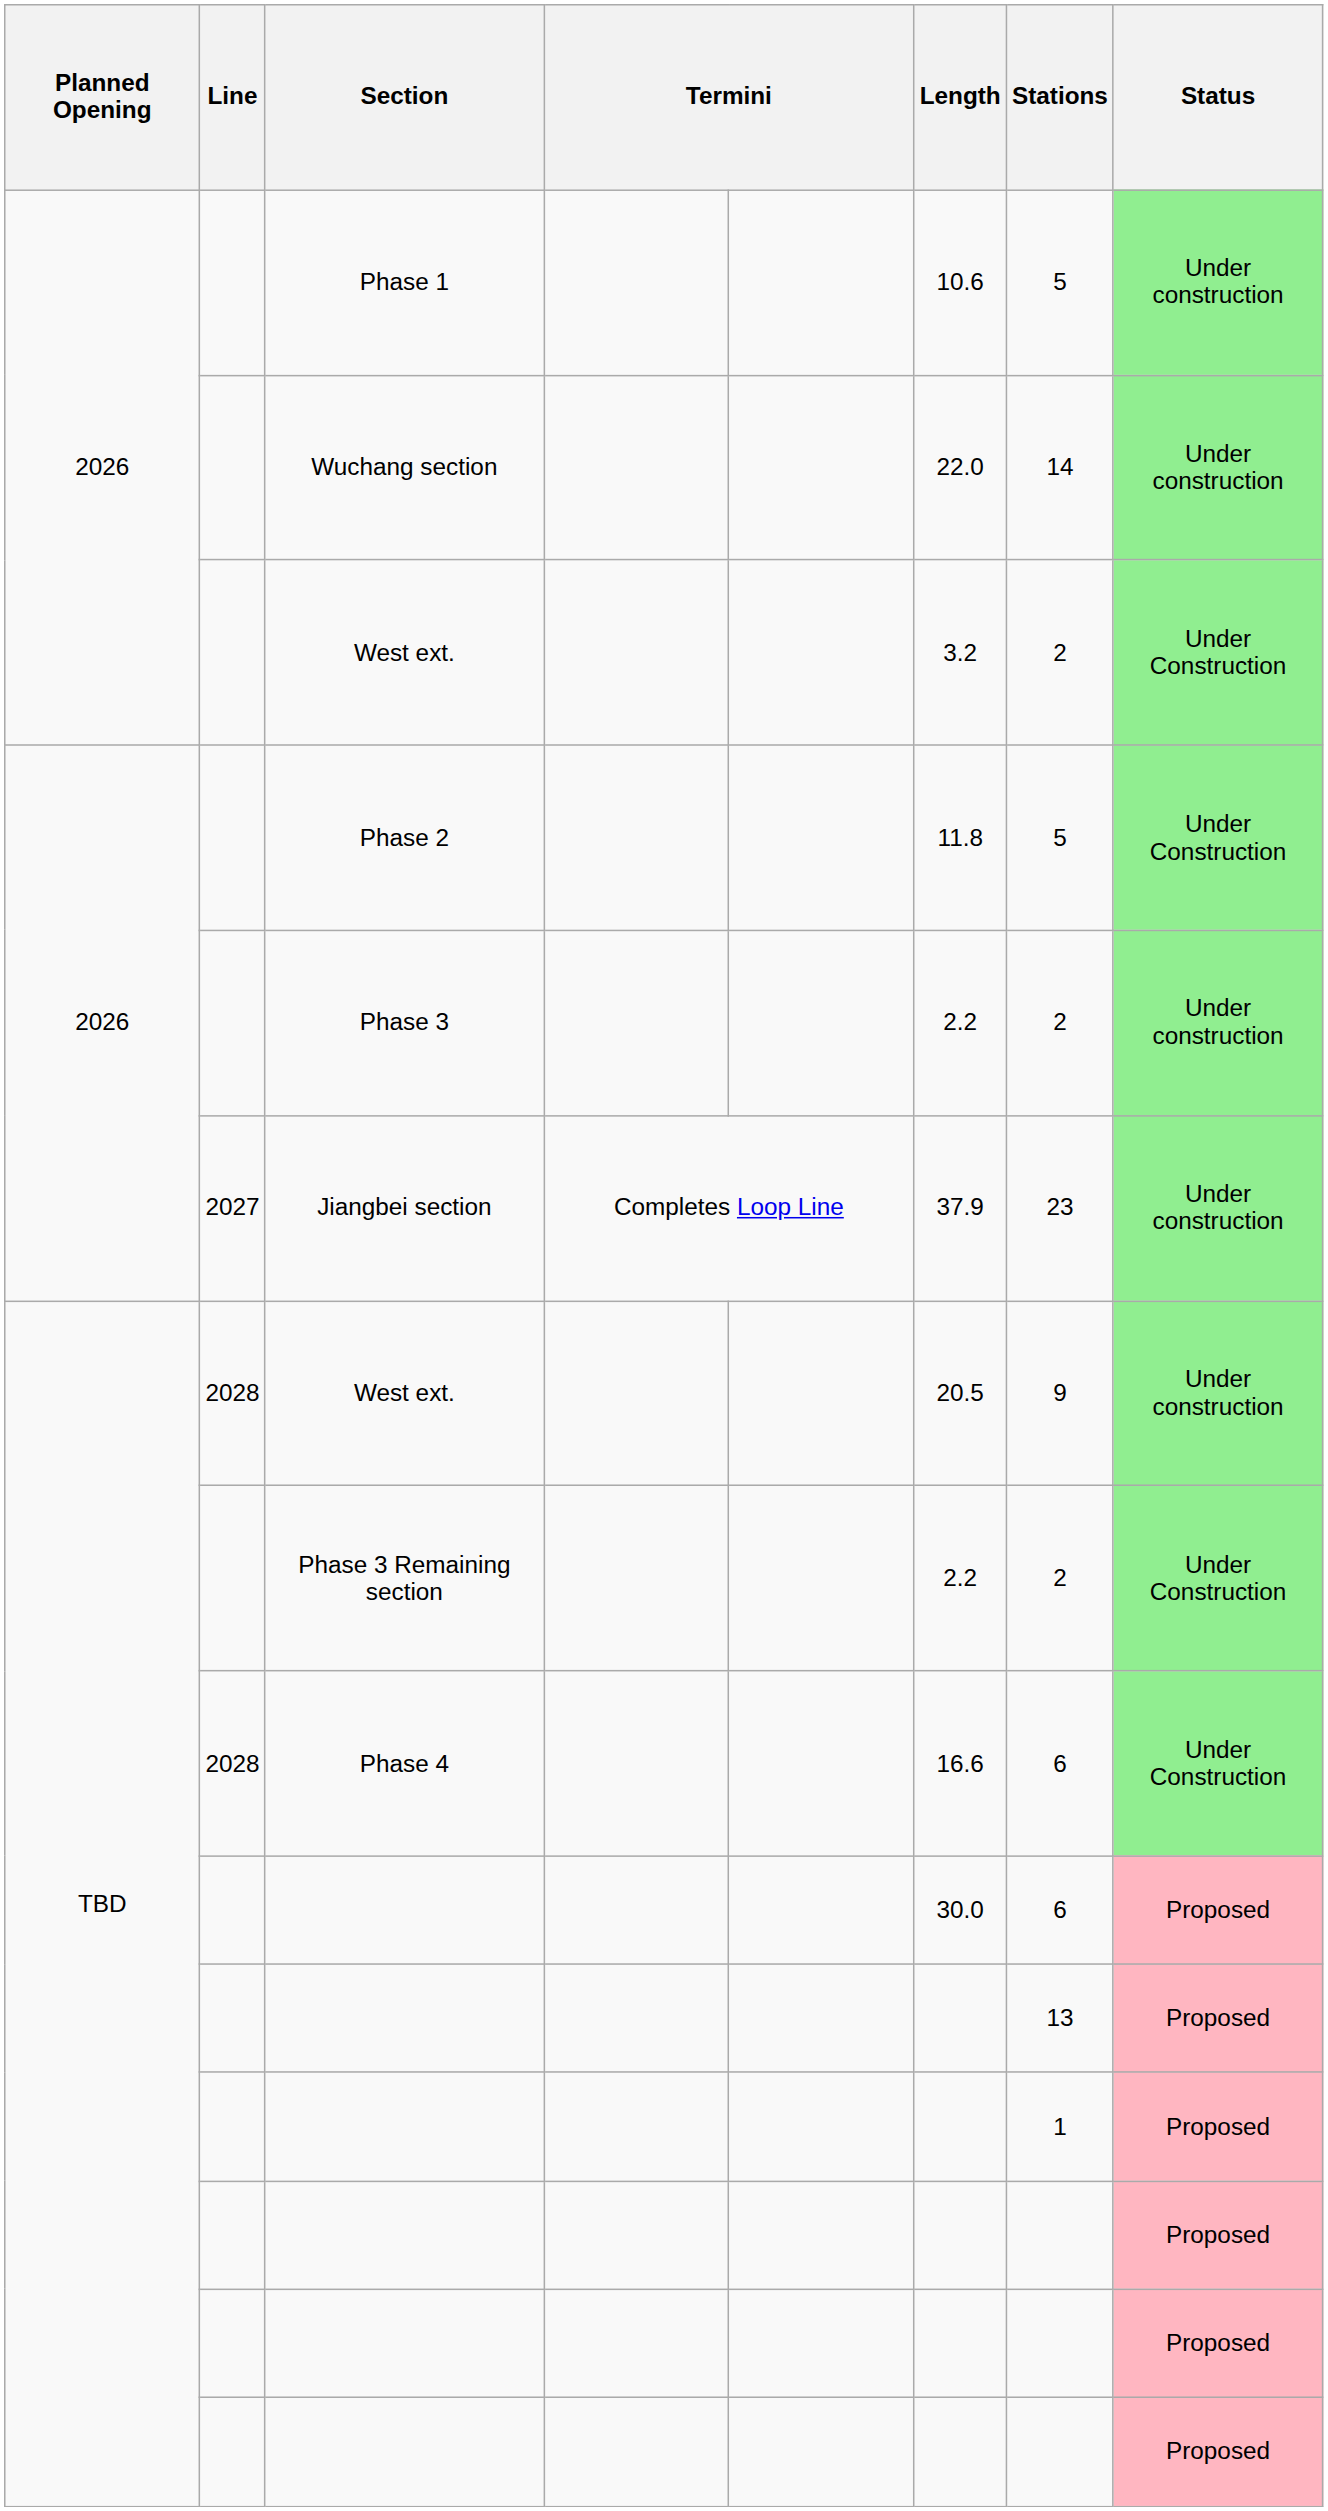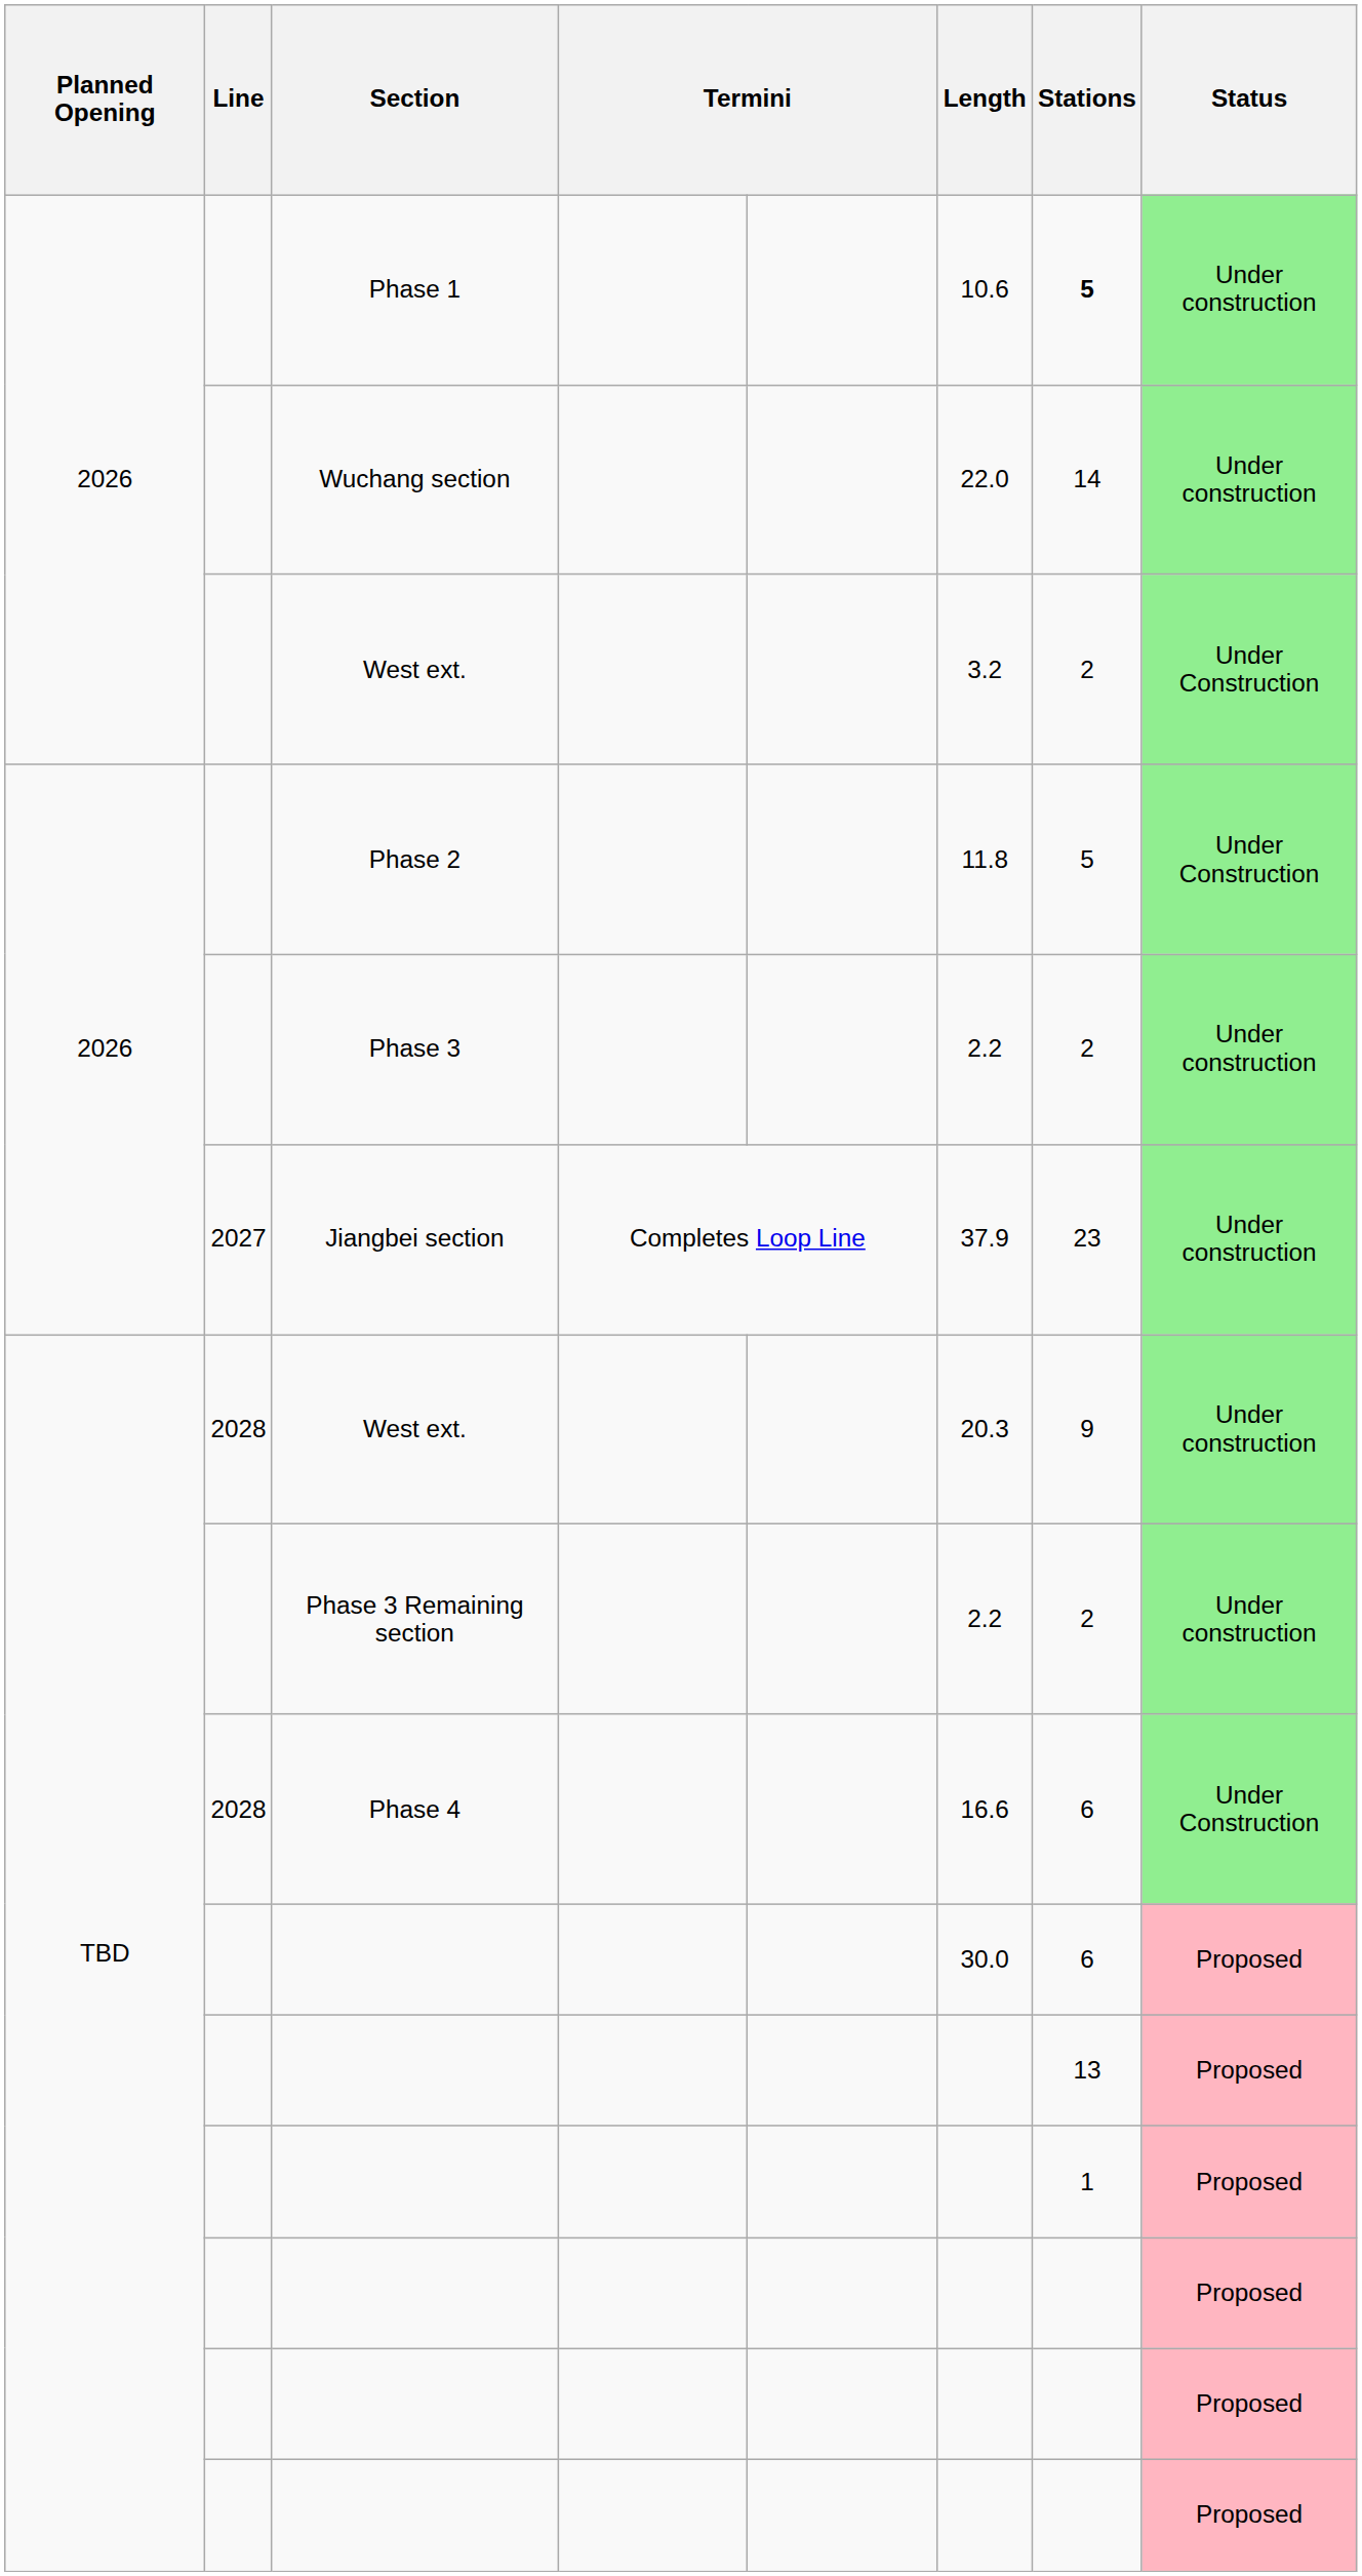 <table class="wikitable" style="height:1235pt;">
 <tr>
 <th>Planned Opening</th>
 <th>Line</th>
 <th>Section</th>
 <th style="width:200pt;" colspan="2">Termini</th>
 <th>Length<br></th>
 <th>Stations</th>
 <th>Status</th>
 </tr>
 <tr style="text-align:center;">
 <td rowspan="3">2026</td>
 <td style="text-align:center;"> </td>
 <td style="text-align:center;">Phase 1</td>
 <td><strong></strong></td>
 <td><strong></strong></td>
 <td>10.6</td>
-<td>5</td>
+<td><strong>5</strong></td>
 <td bgcolor="lightgreen">Under construction</td>
 </tr>
 <tr style="text-align:center;">
 <td style="text-align:center;"></td>
 <td style="text-align:center;">Wuchang section</td>
 <td><strong></strong></td>
 <td><strong></strong></td>
 <td>22.0</td>
 <td>14</td>
 <td bgcolor="lightgreen">Under construction</td>
 </tr>
 <tr style="text-align:center;">
 <td style="text-align:center;"></td>
 <td style="text-align:center;">West ext.</td>
 <td><strong></strong></td>
 <td><strong></strong></td>
 <td>3.2</td>
 <td>2</td>
 <td bgcolor="lightgreen">Under Construction</td>
 </tr>
 <tr style="text-align:center;">
 <td rowspan="3">2026</td>
 <td style="text-align:center;"></td>
 <td style="text-align:center;">Phase 2</td>
 <td><strong></strong></td>
 <td><strong></strong></td>
 <td>11.8</td>
 <td>5</td>
 <td bgcolor="lightgreen">Under Construction</td>
 </tr>
 <tr style="text-align:center;">
 <td style="text-align:center;"></td>
 <td style="text-align:center;">Phase 3</td>
 <td><strong></strong></td>
 <td><strong></strong></td>
 <td>2.2</td>
 <td>2</td>
 <td bgcolor="lightgreen">Under construction</td>
 </tr>
 <tr style="text-align:center;">
 <td style="text-align:center;">2027 </td>
 <td style="text-align:center;">Jiangbei section</td>
 <td colspan="2">Completes <a href='#'>Loop Line</a></td>
 <td>37.9</td>
 <td>23</td>
 <td bgcolor="lightgreen">Under construction</td>
 </tr>
 <tr style="text-align:center;">
 <td rowspan="9">TBD</td>
 <td style="text-align:center;">2028<br></td>
 <td style="text-align:center;">West ext.</td>
 <td><strong></strong></td>
 <td><strong></strong></td>
-<td>20.5</td>
+<td>20.3</td>
 <td>9</td>
 <td bgcolor="lightgreen">Under construction</td>
 </tr>
 <tr style="text-align:center;">
 <td style="text-align:center;"></td>
 <td style="text-align:center;">Phase 3 Remaining section</td>
 <td><strong></strong></td>
 <td><strong></strong></td>
 <td>2.2</td>
 <td>2</td>
-<td bgcolor="lightgreen">Under Construction</td>
+<td bgcolor="lightgreen">Under construction</td>
 </tr>
 <tr style="text-align:center;">
 <td style="text-align:center;">2028</td>
 <td style="text-align:center;">Phase 4</td>
 <td><strong></strong></td>
 <td><strong></strong></td>
 <td>16.6</td>
 <td>6</td>
 <td bgcolor="lightgreen">Under Construction</td>
 </tr>
 <tr style="text-align:center;">
 <td style="text-align:center;"></td>
 <td style="text-align:center;"></td>
 <td><strong></strong></td>
 <td><strong></strong></td>
 <td>30.0</td>
 <td>6</td>
 <td bgcolor="lightpink">Proposed</td>
 </tr>
 <tr style="text-align:center;">
 <td style="text-align:center;"></td>
 <td style="text-align:center;"></td>
 <td><strong></strong></td>
 <td><strong></strong></td>
 <td></td>
 <td>13</td>
 <td bgcolor="lightpink">Proposed</td>
 </tr>
 <tr style="text-align:center;">
 <td style="text-align:center;"></td>
 <td style="text-align:center;"></td>
 <td><strong></strong></td>
 <td><strong></strong></td>
 <td></td>
 <td>1</td>
 <td bgcolor="lightpink">Proposed</td>
 </tr>
 <tr style="text-align:center;">
 <td style="text-align:center;"></td>
 <td style="text-align:center;"></td>
 <td><strong></strong></td>
 <td><strong></strong></td>
 <td></td>
 <td></td>
 <td bgcolor="lightpink">Proposed</td>
 </tr>
 <tr style="text-align:center;">
 <td style="text-align:center;"></td>
 <td style="text-align:center;"></td>
 <td><strong></strong></td>
 <td><strong></strong></td>
 <td></td>
 <td></td>
 <td bgcolor="lightpink">Proposed</td>
 </tr>
 <tr style="text-align:center;">
 <td style="text-align:center;"></td>
 <td style="text-align:center;"></td>
 <td><strong></strong></td>
 <td><strong></strong></td>
 <td></td>
 <td></td>
 <td bgcolor="lightpink">Proposed</td>
 </tr>
 </table>
